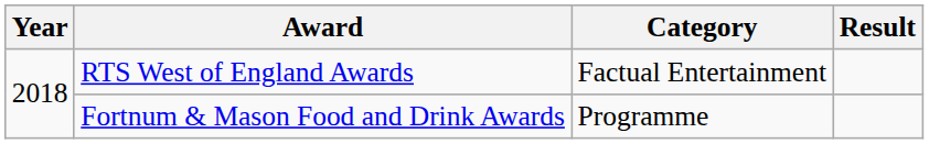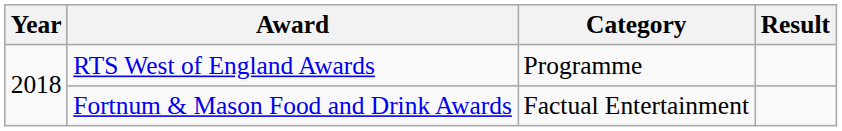 <table class="wikitable plainrowheaders sortable">
 <tr>
 <th>Year</th>
 <th>Award</th>
 <th>Category</th>
 <th>Result</th>
 </tr>
 <tr>
 <td rowspan="2">2018</td>
 <td><a href='#'>RTS West of England Awards</a></td>
-<td>Factual Entertainment </td>
+<td>Programme </td>
 <td></td>
 </tr>
 <tr>
 <td><a href='#'>Fortnum & Mason Food and Drink Awards</a></td>
-<td>Programme </td>
+<td>Factual Entertainment </td>
 <td></td>
 </tr>
 </table>
